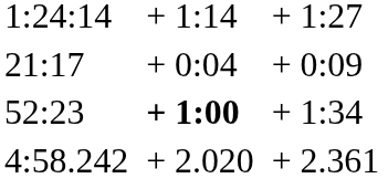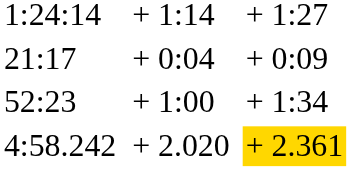 <table>
 <tr>
 <td></td>
 <td></td>
 <td>1:24:14</td>
 <td></td>
 <td>+ 1:14</td>
 <td></td>
 <td>+ 1:27</td>
 </tr>
 <tr>
 <td></td>
 <td></td>
 <td>21:17</td>
 <td></td>
 <td>+ 0:04</td>
 <td></td>
 <td>+ 0:09</td>
 </tr>
 <tr>
 <td></td>
 <td></td>
 <td>52:23</td>
 <td></td>
-<td><strong>+ 1:00</strong></td>
+<td>+ 1:00</td>
 <td></td>
 <td>+ 1:34</td>
 </tr>
 <tr>
 <td></td>
 <td></td>
 <td>4:58.242</td>
 <td></td>
 <td>+ 2.020</td>
 <td></td>
-<td>+ 2.361</td>
+<td style="background: gold;">+ 2.361</td>
 </tr>
 </table>
